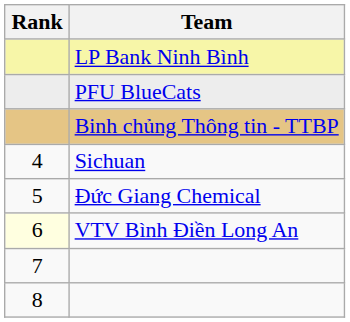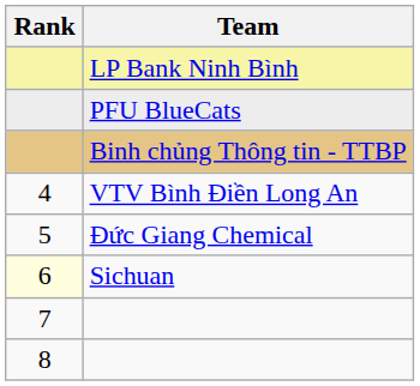 <table class="wikitable" style="text-align: center;">
 <tr>
 <th width=40>Rank</th>
 <th>Team</th>
 </tr>
 <tr bgcolor=#f7f6a8>
 <td></td>
 <td align=left> <a href='#'>LP Bank Ninh Bình</a></td>
 </tr>
 <tr bgcolor=#ededed>
 <td></td>
 <td align=left> <a href='#'>PFU BlueCats</a></td>
 </tr>
 <tr bgcolor=#e5c585>
 <td></td>
 <td align=left> <a href='#'>Binh chủng Thông tin - TTBP</a></td>
 </tr>
 <tr>
 <td>4</td>
-<td align=left> <a href='#'>Sichuan</a></td>
+<td align=left> <a href='#'>VTV Bình Điền Long An</a></td>
 </tr>
 <tr>
 <td>5</td>
 <td align=left> <a href='#'>Đức Giang Chemical</a></td>
 </tr>
 <tr>
 <td style="background: lightyellow;">6</td>
-<td align=left> <a href='#'>VTV Bình Điền Long An</a></td>
+<td align=left> <a href='#'>Sichuan</a></td>
 </tr>
 <tr>
 <td>7</td>
 <td align=left></td>
 </tr>
 <tr>
 <td>8</td>
 <td align=left></td>
 </tr>
 </table>
